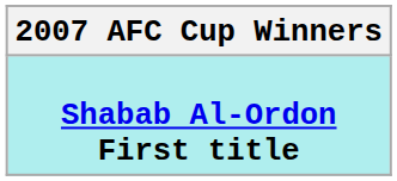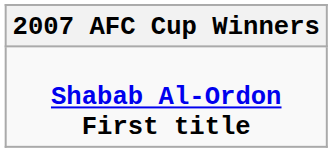 <table class=wikitable style="text-align:center; margin:auto">
 <tr>
 <th>2007 AFC Cup Winners</th>
 </tr>
 <tr>
-<td style="background: paleturquoise;"> <br> <strong><a href='#'>Shabab Al-Ordon</a></strong> <br> <strong>First title</strong></td>
+<td> <br> <strong><a href='#'>Shabab Al-Ordon</a></strong> <br> <strong>First title</strong></td>
 </tr>
 </table>
